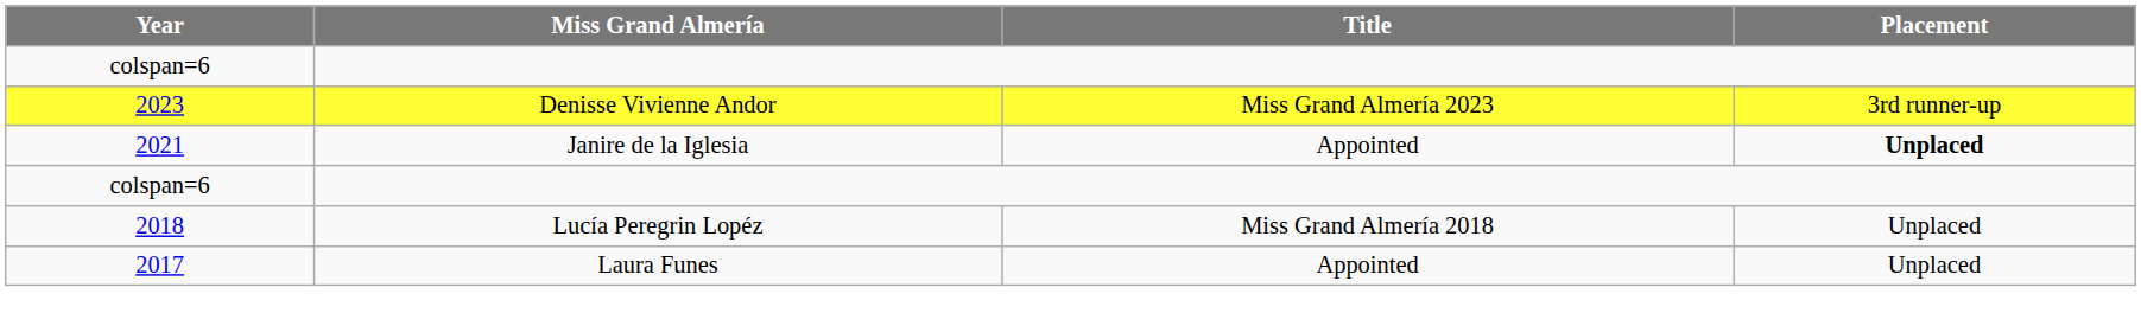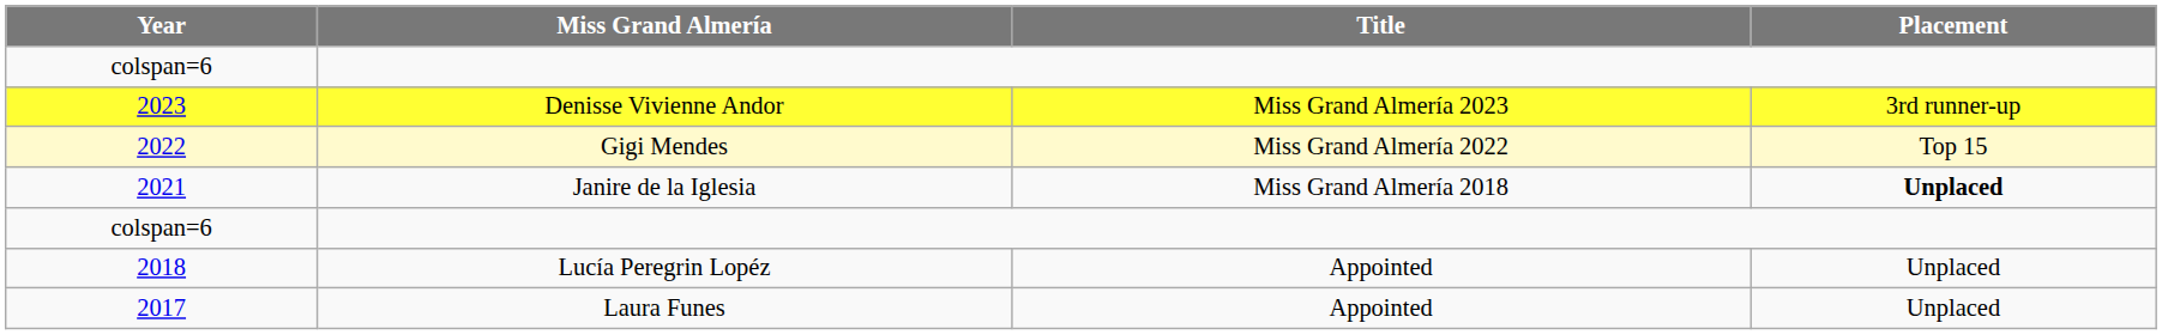 <table class="wikitable" style="font-size: 90%; text-align:center; width:100%">
 <tr>
 <th style="background-color:#787878;color:#FFFFFF;">Year</th>
 <th style="background-color:#787878;color:#FFFFFF;">Miss Grand Almería</th>
 <th style="background-color:#787878;color:#FFFFFF;">Title</th>
 <th style="background-color:#787878;color:#FFFFFF;">Placement</th>
 </tr>
 <tr>
 <td>colspan=6 </td>
 </tr>
 <tr bgcolor=#FFFF33>
 <td><a href='#'>2023</a></td>
 <td>Denisse Vivienne Andor</td>
 <td>Miss Grand Almería 2023</td>
 <td>3rd runner-up</td>
 </tr>
+<tr bgcolor=#FFFACD>
+<td><a href='#'>2022</a></td>
+<td>Gigi Mendes</td>
+<td>Miss Grand Almería 2022</td>
+<td>Top 15</td>
+</tr>
 <tr>
 <td><a href='#'>2021</a></td>
 <td>Janire de la Iglesia</td>
-<td>Appointed</td>
+<td>Miss Grand Almería 2018</td>
 <td><strong>Unplaced</strong></td>
 </tr>
 <tr>
 <td>colspan=6 </td>
 </tr>
 <tr>
 <td><a href='#'>2018</a></td>
 <td>Lucía Peregrin Lopéz</td>
-<td>Miss Grand Almería 2018</td>
+<td>Appointed</td>
 <td>Unplaced</td>
 </tr>
 <tr>
 <td><a href='#'>2017</a></td>
 <td>Laura Funes</td>
 <td>Appointed</td>
 <td>Unplaced</td>
 </tr>
 </table>
